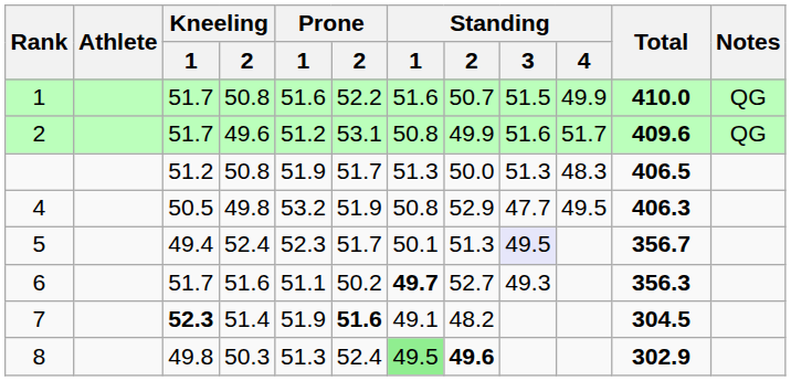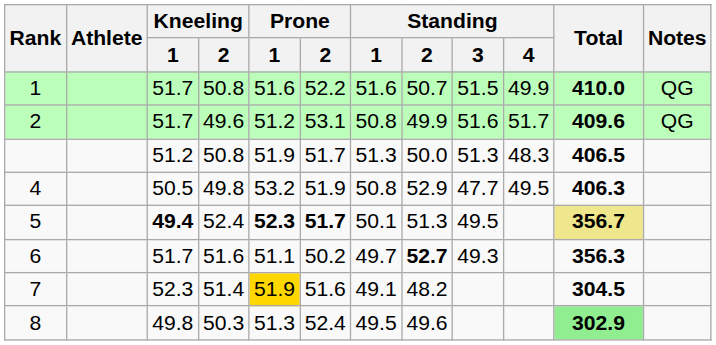 <table class="wikitable sortable" style="text-align:center">
 <tr>
 <th rowspan=2>Rank</th>
 <th rowspan=2>Athlete</th>
 <th colspan=2 width="60px">Kneeling</th>
 <th colspan=2 width="60px">Prone</th>
 <th colspan=4 width="120px">Standing</th>
 <th rowspan=2 width="60px">Total</th>
 <th rowspan=2 class="unsortable">Notes</th>
 </tr>
 <tr>
 <th>1</th>
 <th>2</th>
 <th>1</th>
 <th>2</th>
 <th>1</th>
 <th>2</th>
 <th>3</th>
 <th>4</th>
 </tr>
 <tr bgcolor=bbffbb>
 <td>1</td>
 <td align=left></td>
 <td>51.7</td>
 <td>50.8</td>
 <td>51.6</td>
 <td>52.2</td>
 <td>51.6</td>
 <td>50.7</td>
 <td>51.5</td>
 <td>49.9</td>
 <td><strong>410.0</strong></td>
 <td>QG</td>
 </tr>
 <tr bgcolor=bbffbb>
 <td>2</td>
 <td align=left></td>
 <td>51.7</td>
 <td>49.6</td>
 <td>51.2</td>
 <td>53.1</td>
 <td>50.8</td>
 <td>49.9</td>
 <td>51.6</td>
 <td>51.7</td>
 <td><strong>409.6</strong></td>
 <td>QG</td>
 </tr>
 <tr>
 <td></td>
 <td align=left></td>
 <td>51.2</td>
 <td>50.8</td>
 <td>51.9</td>
 <td>51.7</td>
 <td>51.3</td>
 <td>50.0</td>
 <td>51.3</td>
 <td>48.3</td>
 <td><strong>406.5</strong></td>
 <td></td>
 </tr>
 <tr>
 <td>4</td>
 <td align=left></td>
 <td>50.5</td>
 <td>49.8</td>
 <td>53.2</td>
 <td>51.9</td>
 <td>50.8</td>
 <td>52.9</td>
 <td>47.7</td>
 <td>49.5</td>
 <td><strong>406.3</strong></td>
 <td></td>
 </tr>
 <tr>
 <td>5</td>
 <td align=left></td>
-<td>49.4</td>
+<td><strong>49.4</strong></td>
 <td>52.4</td>
-<td>52.3</td>
-<td>51.7</td>
+<td><strong>52.3</strong></td>
+<td><strong>51.7</strong></td>
 <td>50.1</td>
 <td>51.3</td>
-<td style="background: lavender;">49.5</td>
+<td>49.5</td>
 <td></td>
-<td><strong>356.7</strong></td>
+<td style="background: khaki;"><strong>356.7</strong></td>
 <td></td>
 </tr>
 <tr>
 <td>6</td>
 <td align=left></td>
 <td>51.7</td>
 <td>51.6</td>
 <td>51.1</td>
 <td>50.2</td>
-<td><strong>49.7</strong></td>
-<td>52.7</td>
+<td>49.7</td>
+<td><strong>52.7</strong></td>
 <td>49.3</td>
 <td></td>
 <td><strong>356.3</strong></td>
 <td></td>
 </tr>
 <tr>
 <td>7</td>
 <td align=left></td>
-<td><strong>52.3</strong></td>
+<td>52.3</td>
 <td>51.4</td>
-<td>51.9</td>
-<td><strong>51.6</strong></td>
+<td style="background: gold;">51.9</td>
+<td>51.6</td>
 <td>49.1</td>
 <td>48.2</td>
 <td></td>
 <td></td>
 <td><strong>304.5</strong></td>
 <td></td>
 </tr>
 <tr>
 <td>8</td>
 <td align=left></td>
 <td>49.8</td>
 <td>50.3</td>
 <td>51.3</td>
 <td>52.4</td>
-<td style="background: lightgreen;">49.5</td>
-<td><strong>49.6</strong></td>
+<td>49.5</td>
+<td>49.6</td>
 <td></td>
 <td></td>
-<td><strong>302.9</strong></td>
+<td style="background: lightgreen;"><strong>302.9</strong></td>
 <td></td>
 </tr>
 </table>
